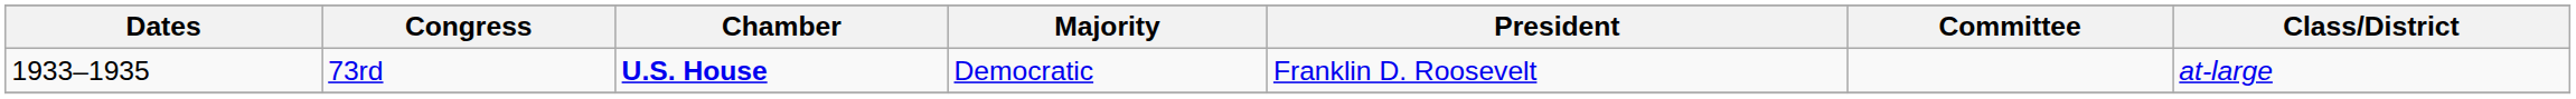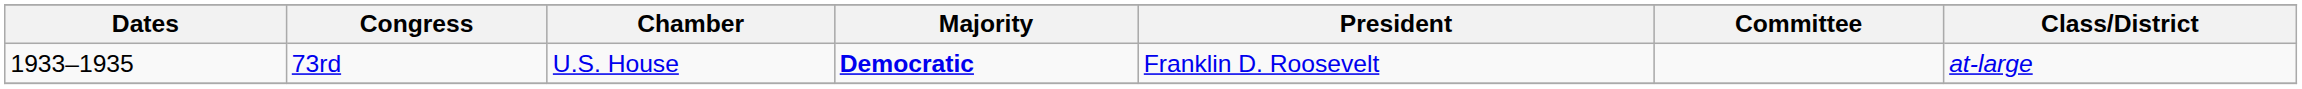 <table class=wikitable style="width: 94%" style="text-align: center;" align="center">
 <tr>
 </tr>
 <tr>
 <th>Dates</th>
 <th>Congress</th>
 <th>Chamber</th>
 <th>Majority</th>
 <th>President</th>
 <th>Committee</th>
 <th>Class/District</th>
 </tr>
 <tr>
 <td>1933–1935</td>
 <td><a href='#'>73rd</a></td>
-<td><strong><a href='#'>U.S. House</a></strong></td>
-<td><a href='#'>Democratic</a></td>
+<td><a href='#'>U.S. House</a></td>
+<td><strong><a href='#'>Democratic</a></strong></td>
 <td><a href='#'>Franklin D. Roosevelt</a></td>
 <td></td>
 <td><a href='#'><em>at-large</em></a></td>
 </tr>
 <tr>
 </tr>
 </table>
